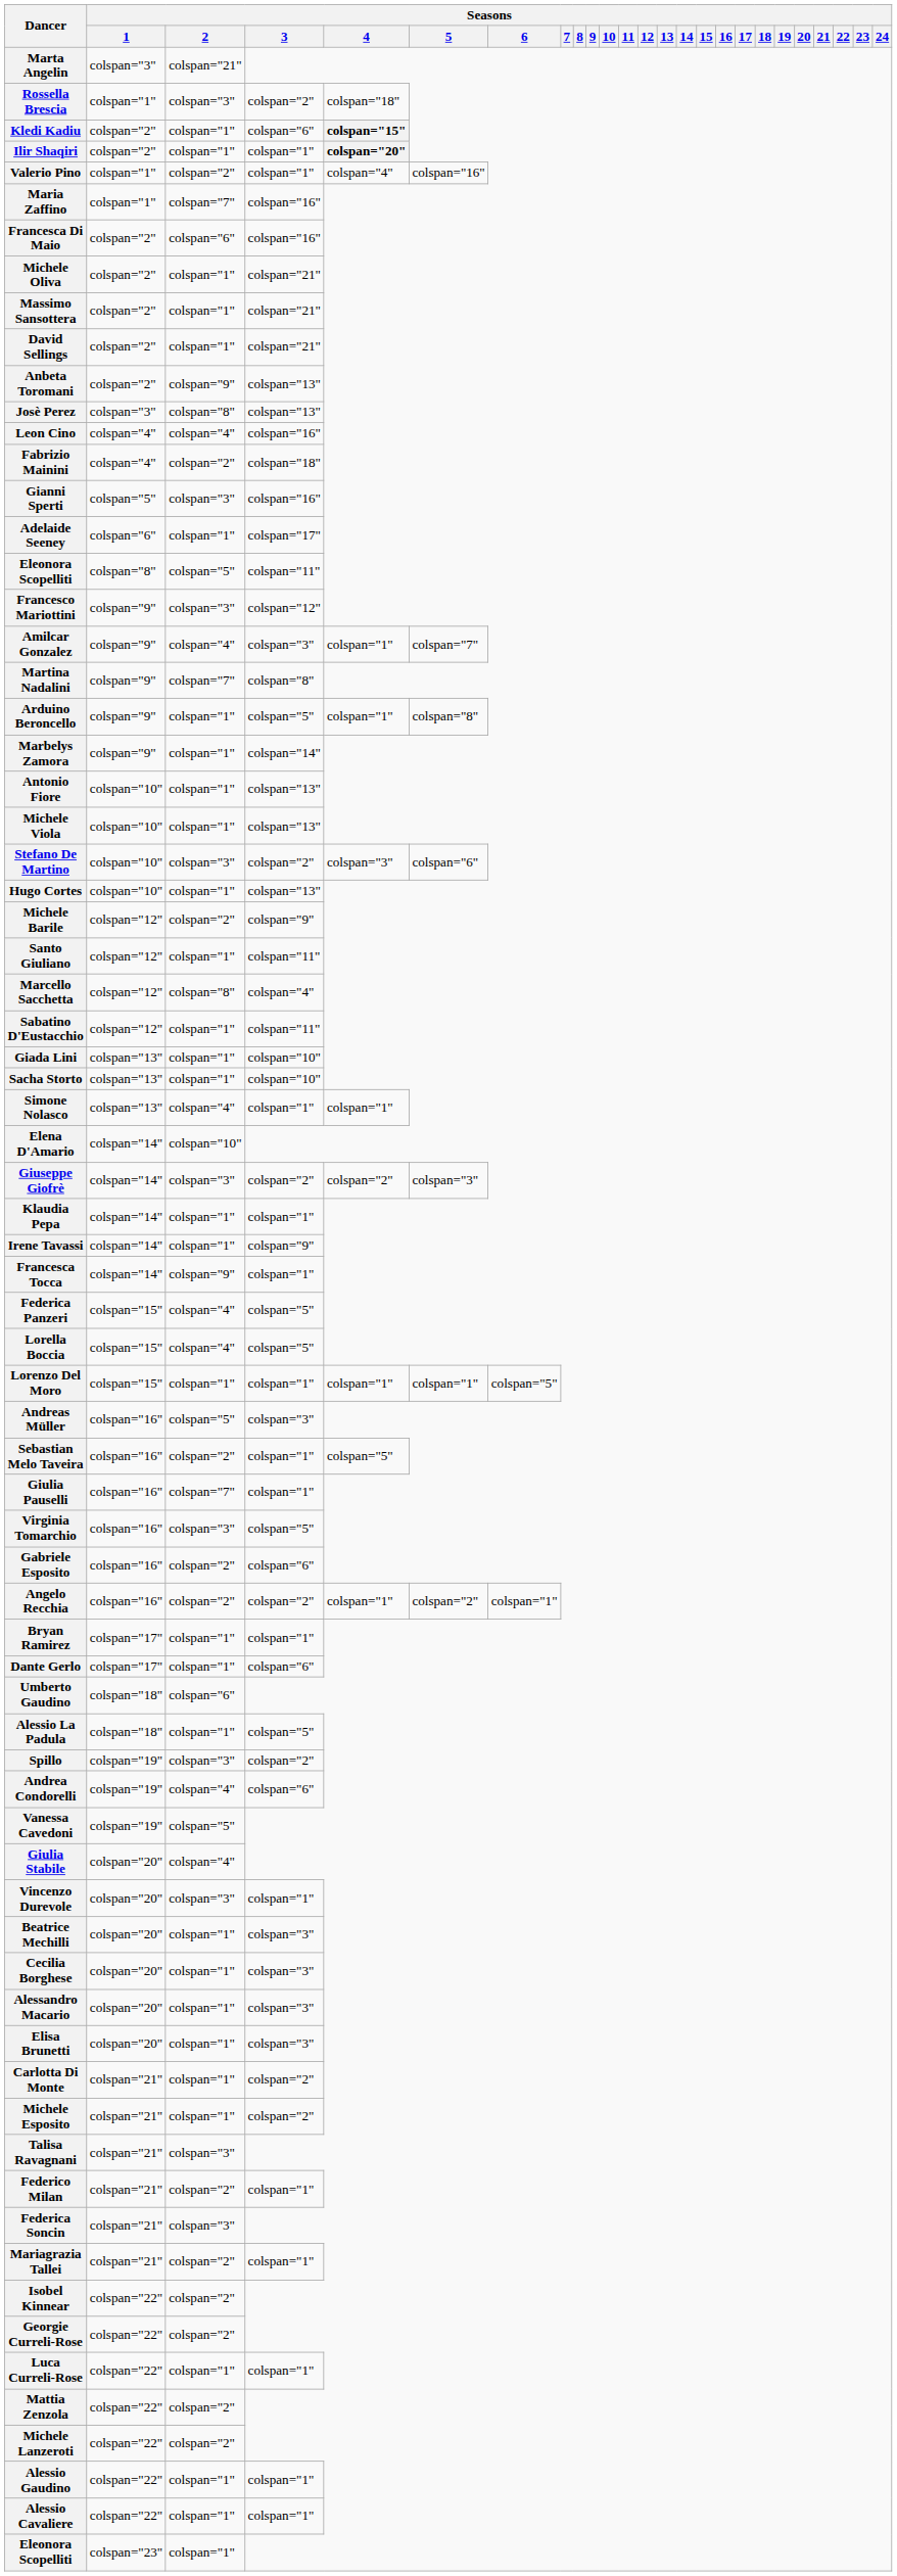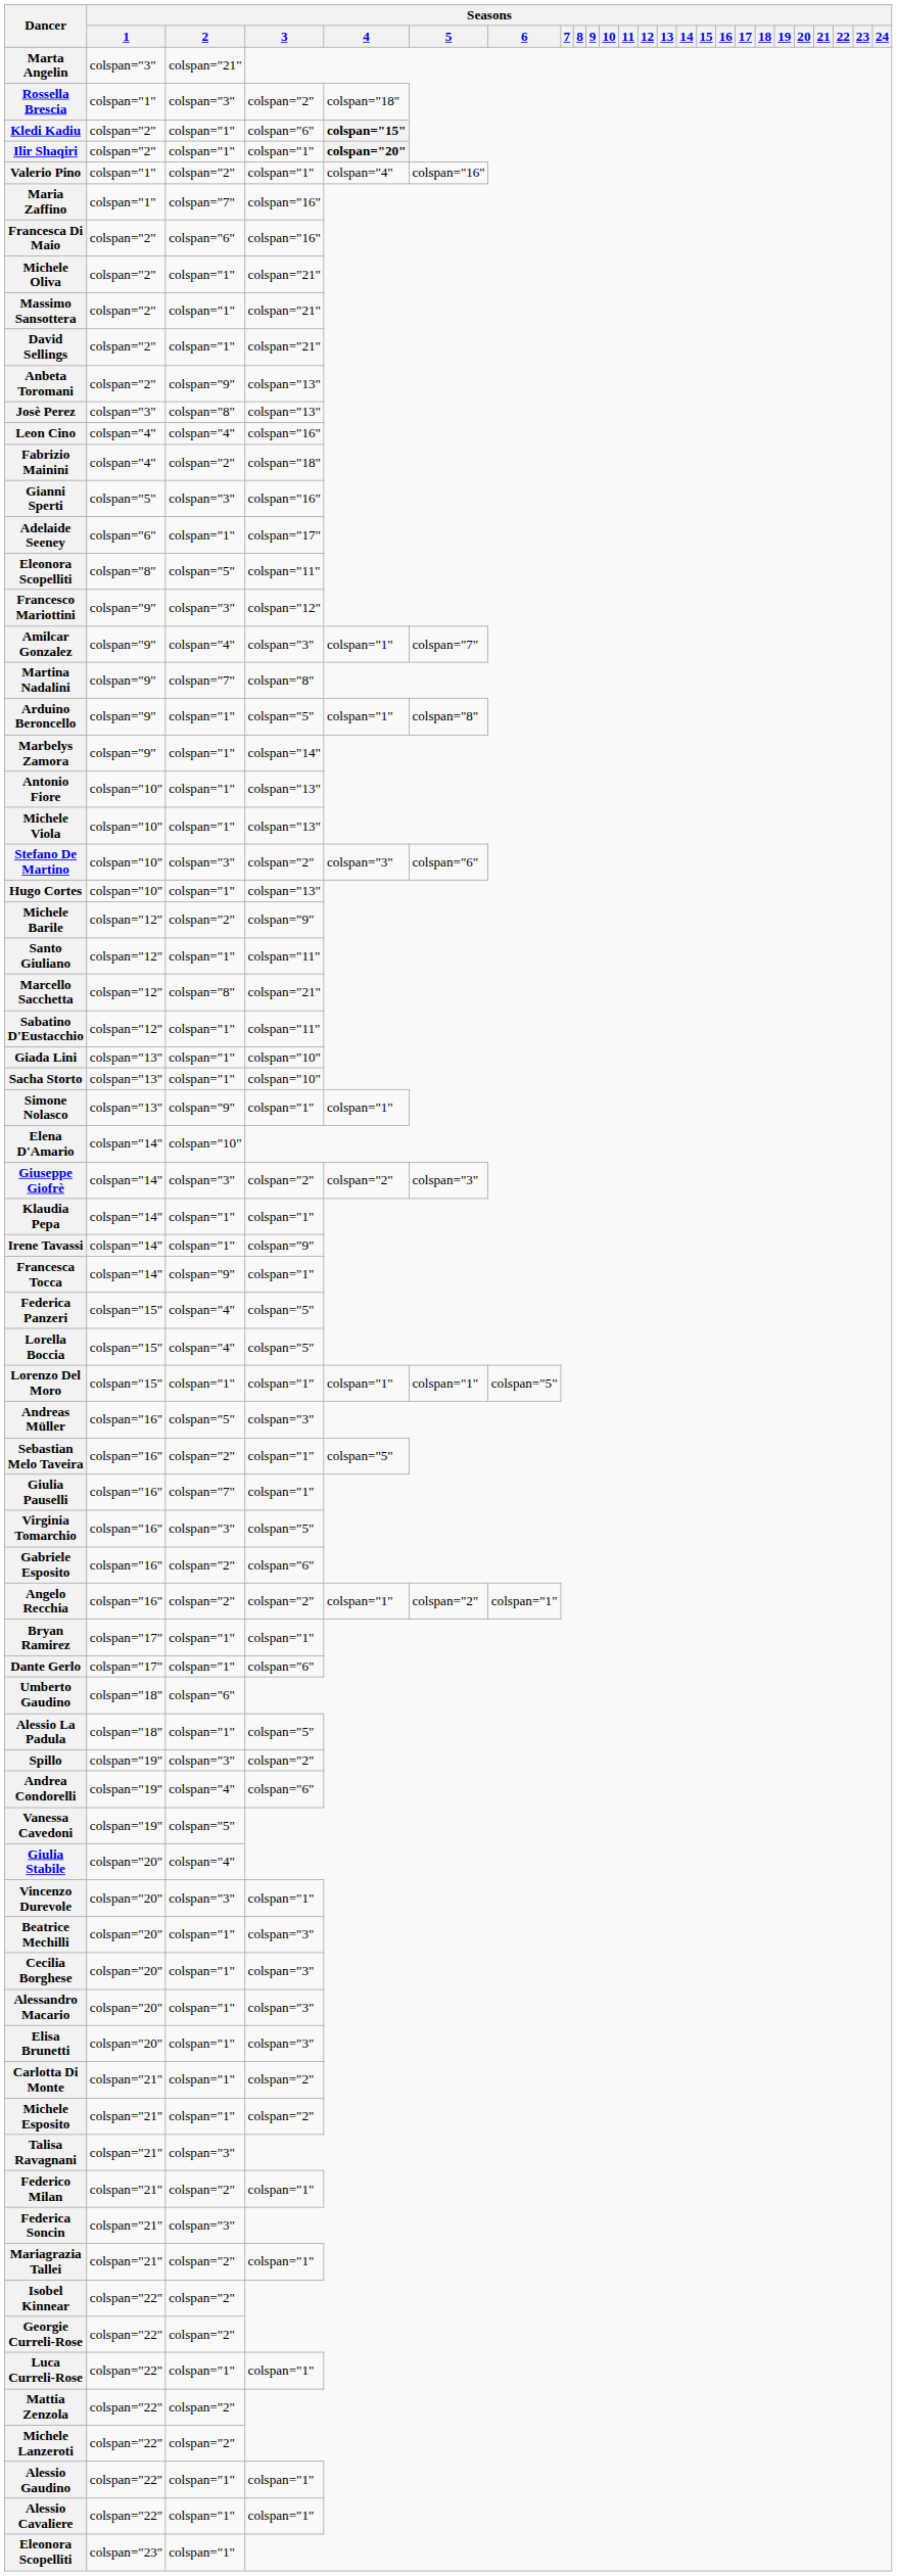 <table class="wikitable plainrowheaders collapsible mw-collapsible nowrap" style="width:100%" style="text-align:center">
 <tr>
 <th rowspan="2" style="width:08%">Dancer</th>
 <th colspan="24">Seasons</th>
 </tr>
 <tr>
 <th><a href='#'>1</a></th>
 <th><a href='#'>2</a></th>
 <th><a href='#'>3</a></th>
 <th><a href='#'>4</a></th>
 <th><a href='#'>5</a></th>
 <th><a href='#'>6</a></th>
 <th><a href='#'>7</a></th>
 <th><a href='#'>8</a></th>
 <th><a href='#'>9</a></th>
 <th><a href='#'>10</a></th>
 <th><a href='#'>11</a></th>
 <th><a href='#'>12</a></th>
 <th><a href='#'>13</a></th>
 <th><a href='#'>14</a></th>
 <th><a href='#'>15</a></th>
 <th><a href='#'>16</a></th>
 <th><a href='#'>17</a></th>
 <th><a href='#'>18</a></th>
 <th><a href='#'>19</a></th>
 <th><a href='#'>20</a></th>
 <th><a href='#'>21</a></th>
 <th><a href='#'>22</a></th>
 <th><a href='#'>23</a></th>
 <th><a href='#'>24</a></th>
 </tr>
 <tr>
 <th scope=row>Marta Angelin</th>
 <td>colspan="3" </td>
 <td>colspan="21" </td>
 </tr>
 <tr>
 <th scope=row><a href='#'>Rossella Brescia</a></th>
 <td>colspan="1" </td>
 <td>colspan="3" </td>
 <td>colspan="2" </td>
 <td>colspan="18" </td>
 </tr>
 <tr>
 <th scope=row><a href='#'>Kledi Kadiu</a></th>
 <td>colspan="2" </td>
 <td>colspan="1" </td>
 <td>colspan="6" </td>
 <th>colspan="15" </th>
 </tr>
 <tr>
 <th scope=row><a href='#'>Ilir Shaqiri</a></th>
 <td>colspan="2" </td>
 <td>colspan="1" </td>
 <td>colspan="1" </td>
 <th>colspan="20" </th>
 </tr>
 <tr>
 <th scope=row>Valerio Pino</th>
 <td>colspan="1" </td>
 <td>colspan="2" </td>
 <td>colspan="1" </td>
 <td>colspan="4" </td>
 <td>colspan="16" </td>
 </tr>
 <tr>
 <th scope=row>Maria Zaffino</th>
 <td>colspan="1" </td>
 <td>colspan="7" </td>
 <td>colspan="16" </td>
 </tr>
 <tr>
 <th scope=row>Francesca Di Maio</th>
 <td>colspan="2" </td>
 <td>colspan="6" </td>
 <td>colspan="16" </td>
 </tr>
 <tr>
 <th scope=row>Michele Oliva</th>
 <td>colspan="2" </td>
 <td>colspan="1" </td>
 <td>colspan="21" </td>
 </tr>
 <tr>
 <th scope=row>Massimo Sansottera</th>
 <td>colspan="2" </td>
 <td>colspan="1" </td>
 <td>colspan="21" </td>
 </tr>
 <tr>
 <th scope=row>David Sellings</th>
 <td>colspan="2" </td>
 <td>colspan="1" </td>
 <td>colspan="21" </td>
 </tr>
 <tr>
 <th scope=row>Anbeta Toromani</th>
 <td>colspan="2" </td>
 <td>colspan="9" </td>
 <td>colspan="13" </td>
 </tr>
 <tr>
 <th scope=row>Josè Perez</th>
 <td>colspan="3" </td>
 <td>colspan="8" </td>
 <td>colspan="13" </td>
 </tr>
 <tr>
 <th scope=row>Leon Cino</th>
 <td>colspan="4" </td>
 <td>colspan="4" </td>
 <td>colspan="16" </td>
 </tr>
 <tr>
 <th scope=row>Fabrizio Mainini</th>
 <td>colspan="4" </td>
 <td>colspan="2" </td>
 <td>colspan="18" </td>
 </tr>
 <tr>
 <th scope=row>Gianni Sperti</th>
 <td>colspan="5" </td>
 <td>colspan="3" </td>
 <td>colspan="16" </td>
 </tr>
 <tr>
 <th scope=row>Adelaide Seeney</th>
 <td>colspan="6" </td>
 <td>colspan="1" </td>
 <td>colspan="17" </td>
 </tr>
 <tr>
 <th scope=row>Eleonora Scopelliti</th>
 <td>colspan="8" </td>
 <td>colspan="5" </td>
 <td>colspan="11" </td>
 </tr>
 <tr>
 <th scope=row>Francesco Mariottini</th>
 <td>colspan="9" </td>
 <td>colspan="3" </td>
 <td>colspan="12" </td>
 </tr>
 <tr>
 <th scope=row>Amilcar Gonzalez</th>
 <td>colspan="9" </td>
 <td>colspan="4" </td>
 <td>colspan="3" </td>
 <td>colspan="1" </td>
 <td>colspan="7" </td>
 </tr>
 <tr>
 <th scope=row>Martina Nadalini</th>
 <td>colspan="9" </td>
 <td>colspan="7" </td>
 <td>colspan="8" </td>
 </tr>
 <tr>
 <th scope=row>Arduino Beroncello</th>
 <td>colspan="9" </td>
 <td>colspan="1" </td>
 <td>colspan="5" </td>
 <td>colspan="1" </td>
 <td>colspan="8" </td>
 </tr>
 <tr>
 <th scope=row>Marbelys Zamora</th>
 <td>colspan="9" </td>
 <td>colspan="1" </td>
 <td>colspan="14" </td>
 </tr>
 <tr>
 <th scope=row>Antonio Fiore</th>
 <td>colspan="10" </td>
 <td>colspan="1" </td>
 <td>colspan="13" </td>
 </tr>
 <tr>
 <th scope=row>Michele Viola</th>
 <td>colspan="10" </td>
 <td>colspan="1" </td>
 <td>colspan="13" </td>
 </tr>
 <tr>
 <th scope=row><a href='#'>Stefano De Martino</a></th>
 <td>colspan="10" </td>
 <td>colspan="3" </td>
 <td>colspan="2" </td>
 <td>colspan="3" </td>
 <td>colspan="6" </td>
 </tr>
 <tr>
 <th scope=row>Hugo Cortes</th>
 <td>colspan="10" </td>
 <td>colspan="1" </td>
 <td>colspan="13" </td>
 </tr>
 <tr>
 <th scope=row>Michele Barile</th>
 <td>colspan="12" </td>
 <td>colspan="2" </td>
 <td>colspan="9" </td>
 </tr>
 <tr>
 <th scope=row>Santo Giuliano</th>
 <td>colspan="12" </td>
 <td>colspan="1" </td>
 <td>colspan="11" </td>
 </tr>
 <tr>
 <th scope=row>Marcello Sacchetta</th>
 <td>colspan="12" </td>
 <td>colspan="8" </td>
-<td>colspan="4" </td>
+<td>colspan="21" </td>
 </tr>
 <tr>
 <th scope=row>Sabatino D'Eustacchio</th>
 <td>colspan="12" </td>
 <td>colspan="1" </td>
 <td>colspan="11" </td>
 </tr>
 <tr>
 <th scope=row>Giada Lini</th>
 <td>colspan="13" </td>
 <td>colspan="1" </td>
 <td>colspan="10" </td>
 </tr>
 <tr>
 <th scope=row>Sacha Storto</th>
 <td>colspan="13" </td>
 <td>colspan="1" </td>
 <td>colspan="10" </td>
 </tr>
 <tr>
 <th scope=row>Simone Nolasco</th>
 <td>colspan="13" </td>
-<td>colspan="4" </td>
+<td>colspan="9" </td>
 <td>colspan="1" </td>
 <td>colspan="1" </td>
 </tr>
 <tr>
 <th scope=row>Elena D'Amario</th>
 <td>colspan="14" </td>
 <td>colspan="10" </td>
 </tr>
 <tr>
 <th scope=row><a href='#'>Giuseppe Giofrè</a></th>
 <td>colspan="14" </td>
 <td>colspan="3" </td>
 <td>colspan="2" </td>
 <td>colspan="2" </td>
 <td>colspan="3" </td>
 </tr>
 <tr>
 <th scope=row>Klaudia Pepa</th>
 <td>colspan="14" </td>
 <td>colspan="1" </td>
 <td>colspan="1" </td>
 </tr>
 <tr>
 <th scope=row>Irene Tavassi</th>
 <td>colspan="14" </td>
 <td>colspan="1" </td>
 <td>colspan="9" </td>
 </tr>
 <tr>
 <th scope=row>Francesca Tocca</th>
 <td>colspan="14" </td>
 <td>colspan="9" </td>
 <td>colspan="1" </td>
 </tr>
 <tr>
 <th scope=row>Federica Panzeri</th>
 <td>colspan="15" </td>
 <td>colspan="4" </td>
 <td>colspan="5" </td>
 </tr>
 <tr>
 <th scope=row>Lorella Boccia</th>
 <td>colspan="15" </td>
 <td>colspan="4" </td>
 <td>colspan="5" </td>
 </tr>
 <tr>
 <th scope=row>Lorenzo Del Moro</th>
 <td>colspan="15" </td>
 <td>colspan="1" </td>
 <td>colspan="1" </td>
 <td>colspan="1" </td>
 <td>colspan="1" </td>
 <td>colspan="5" </td>
 </tr>
 <tr>
 <th scope=row>Andreas Müller</th>
 <td>colspan="16" </td>
 <td>colspan="5" </td>
 <td>colspan="3" </td>
 </tr>
 <tr>
 <th scope=row>Sebastian Melo Taveira</th>
 <td>colspan="16" </td>
 <td>colspan="2" </td>
 <td>colspan="1" </td>
 <td>colspan="5" </td>
 </tr>
 <tr>
 <th scope=row>Giulia Pauselli</th>
 <td>colspan="16" </td>
 <td>colspan="7" </td>
 <td>colspan="1" </td>
 </tr>
 <tr>
 <th scope=row>Virginia Tomarchio</th>
 <td>colspan="16" </td>
 <td>colspan="3" </td>
 <td>colspan="5" </td>
 </tr>
 <tr>
 <th scope=row>Gabriele Esposito</th>
 <td>colspan="16" </td>
 <td>colspan="2" </td>
 <td>colspan="6" </td>
 </tr>
 <tr>
 <th scope=row>Angelo Recchia</th>
 <td>colspan="16" </td>
 <td>colspan="2" </td>
 <td>colspan="2" </td>
 <td>colspan="1" </td>
 <td>colspan="2" </td>
 <td>colspan="1" </td>
 </tr>
 <tr>
 <th scope=row>Bryan Ramirez</th>
 <td>colspan="17" </td>
 <td>colspan="1" </td>
 <td>colspan="1" </td>
 </tr>
 <tr>
 <th scope=row>Dante Gerlo</th>
 <td>colspan="17" </td>
 <td>colspan="1" </td>
 <td>colspan="6" </td>
 </tr>
 <tr>
 <th scope=row>Umberto Gaudino</th>
 <td>colspan="18" </td>
 <td>colspan="6" </td>
 </tr>
 <tr>
 <th scope=row>Alessio La Padula</th>
 <td>colspan="18" </td>
 <td>colspan="1" </td>
 <td>colspan="5" </td>
 </tr>
 <tr>
 <th scope=row>Spillo</th>
 <td>colspan="19" </td>
 <td>colspan="3" </td>
 <td>colspan="2" </td>
 </tr>
 <tr>
 <th scope=row>Andrea Condorelli</th>
 <td>colspan="19" </td>
 <td>colspan="4" </td>
 <td>colspan="6" </td>
 </tr>
 <tr>
 <th scope=row>Vanessa Cavedoni</th>
 <td>colspan="19" </td>
 <td>colspan="5" </td>
 </tr>
 <tr>
 <th scope=row><a href='#'>Giulia Stabile</a></th>
 <td>colspan="20" </td>
 <td>colspan="4" </td>
 </tr>
 <tr>
 <th scope=row>Vincenzo Durevole</th>
 <td>colspan="20" </td>
 <td>colspan="3" </td>
 <td>colspan="1" </td>
 </tr>
 <tr>
 <th scope=row>Beatrice Mechilli</th>
 <td>colspan="20" </td>
 <td>colspan="1" </td>
 <td>colspan="3" </td>
 </tr>
 <tr>
 <th scope=row>Cecilia Borghese</th>
 <td>colspan="20" </td>
 <td>colspan="1" </td>
 <td>colspan="3" </td>
 </tr>
 <tr>
 <th scope=row>Alessandro Macario</th>
 <td>colspan="20" </td>
 <td>colspan="1" </td>
 <td>colspan="3" </td>
 </tr>
 <tr>
 <th scope=row>Elisa Brunetti</th>
 <td>colspan="20" </td>
 <td>colspan="1" </td>
 <td>colspan="3" </td>
 </tr>
 <tr>
 <th scope=row>Carlotta Di Monte</th>
 <td>colspan="21" </td>
 <td>colspan="1" </td>
 <td>colspan="2" </td>
 </tr>
 <tr>
 <th scope=row>Michele Esposito</th>
 <td>colspan="21" </td>
 <td>colspan="1" </td>
 <td>colspan="2" </td>
 </tr>
 <tr>
 <th scope=row>Talisa Ravagnani</th>
 <td>colspan="21" </td>
 <td>colspan="3" </td>
 </tr>
 <tr>
 <th scope=row>Federico Milan</th>
 <td>colspan="21" </td>
 <td>colspan="2" </td>
 <td>colspan="1" </td>
 </tr>
 <tr>
 <th scope=row>Federica Soncin</th>
 <td>colspan="21" </td>
 <td>colspan="3" </td>
 </tr>
 <tr>
 <th scope=row>Mariagrazia Tallei</th>
 <td>colspan="21" </td>
 <td>colspan="2" </td>
 <td>colspan="1" </td>
 </tr>
 <tr>
 <th scope=row>Isobel Kinnear</th>
 <td>colspan="22" </td>
 <td>colspan="2" </td>
 </tr>
 <tr>
 <th scope=row>Georgie Curreli-Rose</th>
 <td>colspan="22" </td>
 <td>colspan="2" </td>
 </tr>
 <tr>
 <th scope=row>Luca Curreli-Rose</th>
 <td>colspan="22" </td>
 <td>colspan="1" </td>
 <td>colspan="1" </td>
 </tr>
 <tr>
 <th scope=row>Mattia Zenzola</th>
 <td>colspan="22" </td>
 <td>colspan="2" </td>
 </tr>
 <tr>
 <th scope=row>Michele Lanzeroti</th>
 <td>colspan="22" </td>
 <td>colspan="2" </td>
 </tr>
 <tr>
 <th scope=row>Alessio Gaudino</th>
 <td>colspan="22" </td>
 <td>colspan="1" </td>
 <td>colspan="1" </td>
 </tr>
 <tr>
 <th scope=row>Alessio Cavaliere</th>
 <td>colspan="22" </td>
 <td>colspan="1" </td>
 <td>colspan="1" </td>
 </tr>
 <tr>
 <th scope=row>Eleonora Scopelliti</th>
 <td>colspan="23" </td>
 <td>colspan="1" </td>
 </tr>
 </table>
